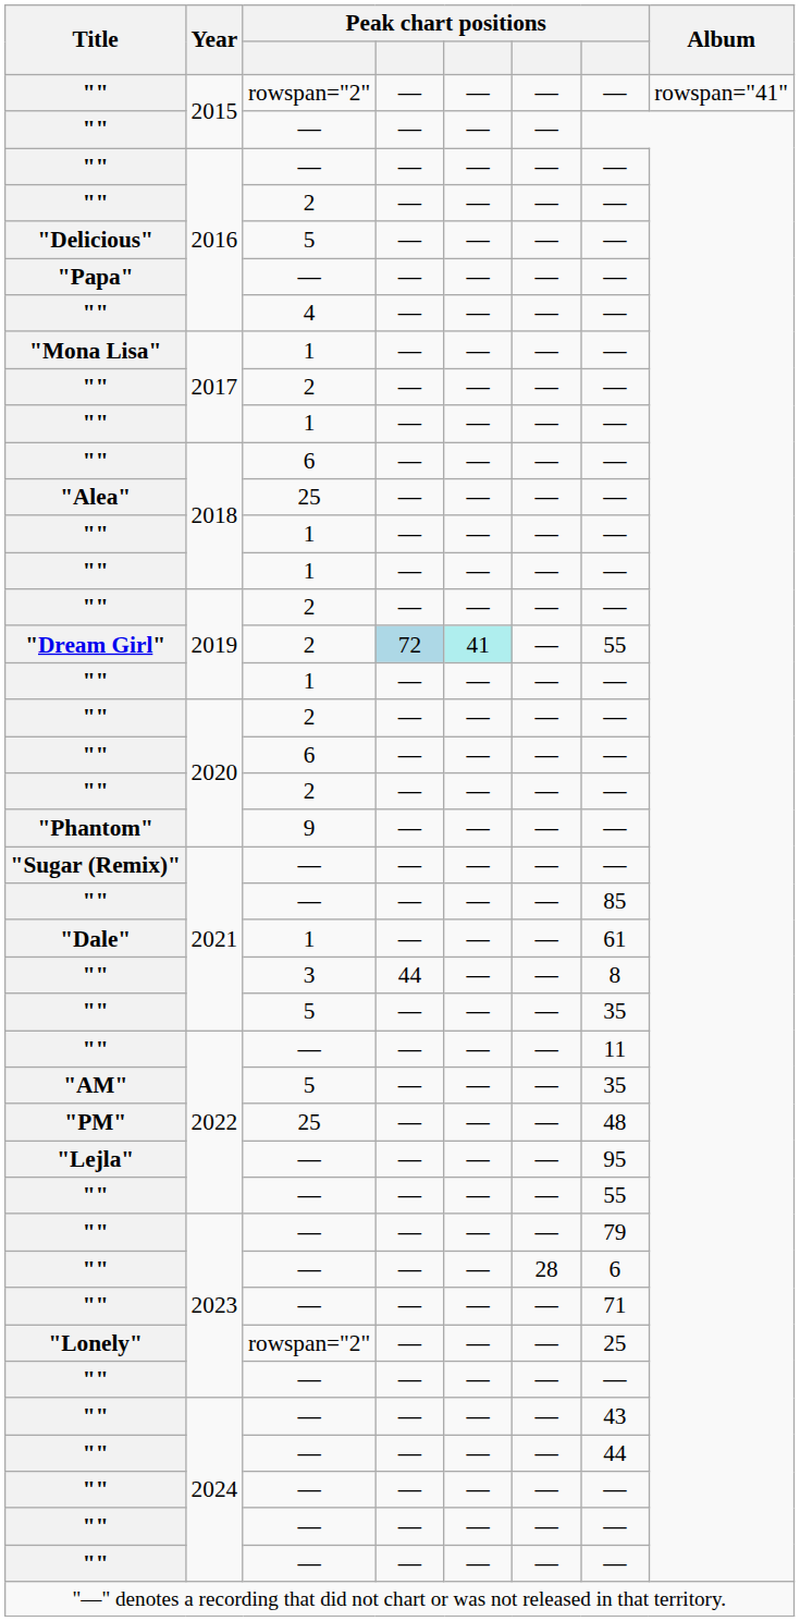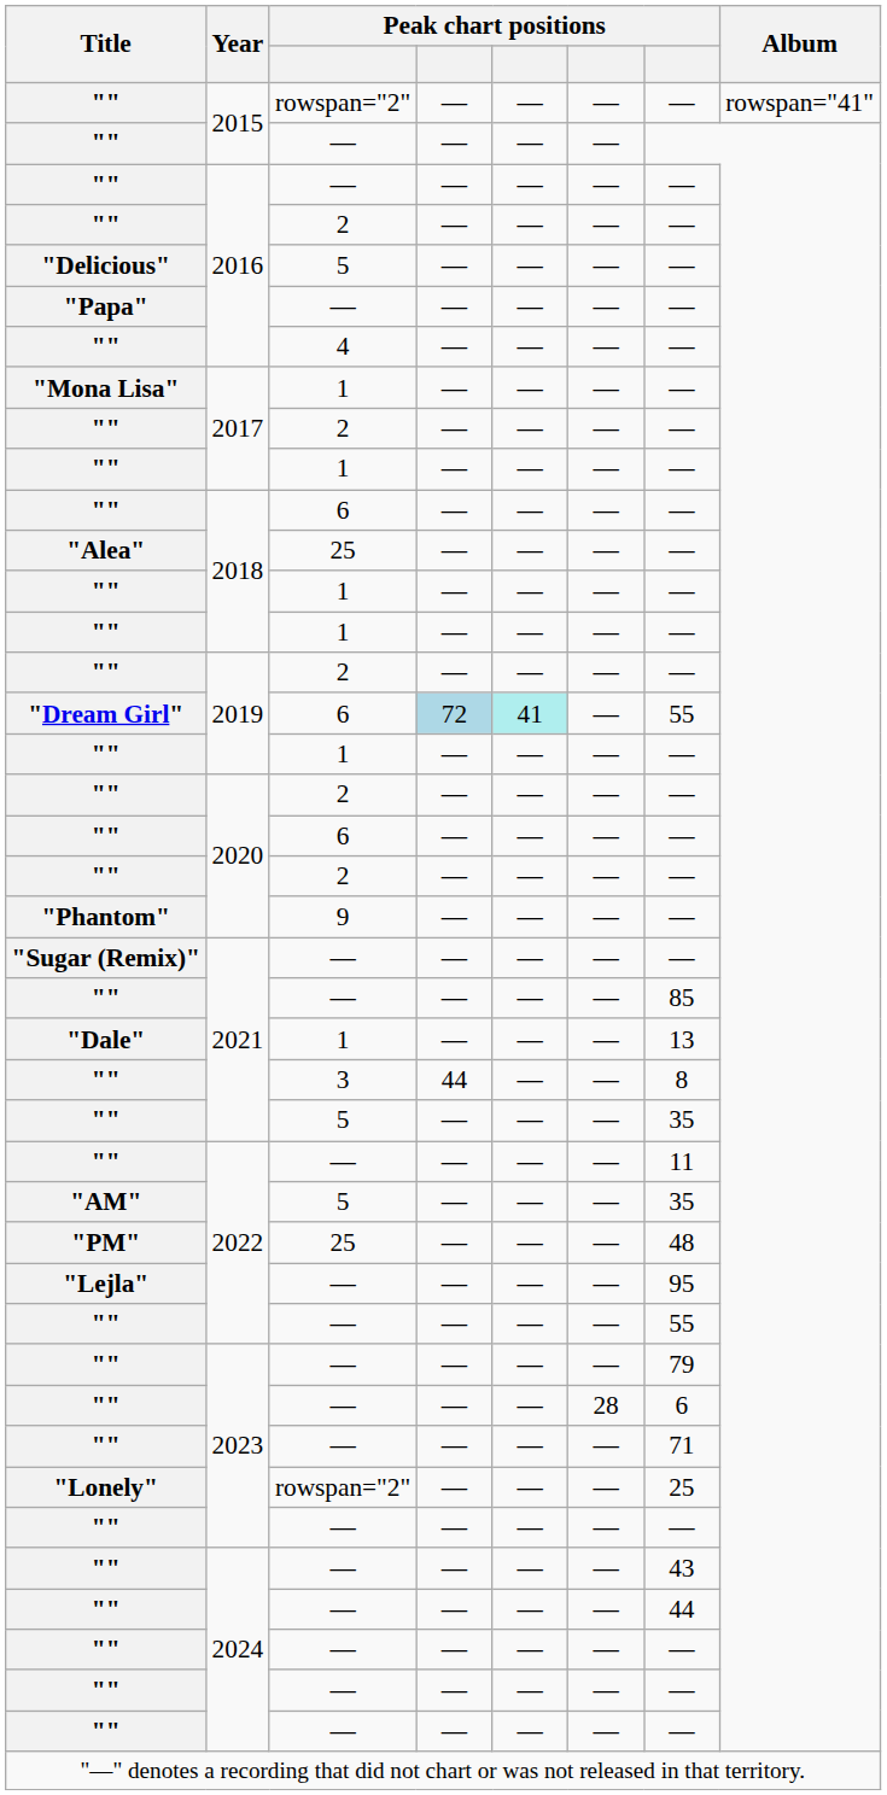 <table class="wikitable plainrowheaders" style="text-align:center;">
 <tr>
 <th scope="col" rowspan="2">Title</th>
 <th scope="col" rowspan="2">Year</th>
 <th scope="col" colspan="5">Peak chart positions</th>
 <th scope="col" rowspan="2">Album</th>
 </tr>
 <tr>
 <th style="width:3em; font-size:85%;"><a href='#'></a><br></th>
 <th style="width:3em; font-size:85%;"><a href='#'></a><br></th>
 <th style="width:3em; font-size:85%;"><a href='#'></a><br></th>
 <th style="width:3em; font-size:85%;"><a href='#'></a><br></th>
 <th style="width:3em; font-size:85%;"><a href='#'></a><br></th>
 </tr>
 <tr>
 <th scope="row">""<br></th>
 <td rowspan="2">2015</td>
 <td>rowspan="2" </td>
 <td>—</td>
 <td>—</td>
 <td>—</td>
 <td>—</td>
 <td>rowspan="41" </td>
 </tr>
 <tr>
 <th scope="row">""</th>
 <td>—</td>
 <td>—</td>
 <td>—</td>
 <td>—</td>
 </tr>
 <tr>
 <th scope="row">""</th>
 <td rowspan="5">2016</td>
 <td>—</td>
 <td>—</td>
 <td>—</td>
 <td>—</td>
 <td>—</td>
 </tr>
 <tr>
 <th scope="row">""</th>
 <td>2</td>
 <td>—</td>
 <td>—</td>
 <td>—</td>
 <td>—</td>
 </tr>
 <tr>
 <th scope="row">"Delicious"<br></th>
 <td>5</td>
 <td>—</td>
 <td>—</td>
 <td>—</td>
 <td>—</td>
 </tr>
 <tr>
 <th scope="row">"Papa"<br></th>
 <td>—</td>
 <td>—</td>
 <td>—</td>
 <td>—</td>
 <td>—</td>
 </tr>
 <tr>
 <th scope="row">""</th>
 <td>4</td>
 <td>—</td>
 <td>—</td>
 <td>—</td>
 <td>—</td>
 </tr>
 <tr>
 <th scope="row">"Mona Lisa"</th>
 <td rowspan="3">2017</td>
 <td>1</td>
 <td>—</td>
 <td>—</td>
 <td>—</td>
 <td>—</td>
 </tr>
 <tr>
 <th scope="row">""</th>
 <td>2</td>
 <td>—</td>
 <td>—</td>
 <td>—</td>
 <td>—</td>
 </tr>
 <tr>
 <th scope="row">""</th>
 <td>1</td>
 <td>—</td>
 <td>—</td>
 <td>—</td>
 <td>—</td>
 </tr>
 <tr>
 <th scope="row">""</th>
 <td rowspan="4">2018</td>
 <td>6</td>
 <td>—</td>
 <td>—</td>
 <td>—</td>
 <td>—</td>
 </tr>
 <tr>
 <th scope="row">"Alea"</th>
 <td>25</td>
 <td>—</td>
 <td>—</td>
 <td>—</td>
 <td>—</td>
 </tr>
 <tr>
 <th scope="row">""</th>
 <td>1</td>
 <td>—</td>
 <td>—</td>
 <td>—</td>
 <td>—</td>
 </tr>
 <tr>
 <th scope="row">""<br></th>
 <td>1</td>
 <td>—</td>
 <td>—</td>
 <td>—</td>
 <td>—</td>
 </tr>
 <tr>
 <th scope="row">""</th>
 <td rowspan="3">2019</td>
 <td>2</td>
 <td>—</td>
 <td>—</td>
 <td>—</td>
 <td>—</td>
 </tr>
 <tr>
 <th scope="row">"<a href='#'>Dream Girl</a>"<br></th>
-<td>2</td>
+<td>6</td>
 <td style="background: lightblue;">72</td>
 <td style="background: paleturquoise;">41</td>
 <td>—</td>
 <td>55</td>
 </tr>
 <tr>
 <th scope="row">""</th>
 <td>1</td>
 <td>—</td>
 <td>—</td>
 <td>—</td>
 <td>—</td>
 </tr>
 <tr>
 <th scope="row">""<br></th>
 <td rowspan="4">2020</td>
 <td>2</td>
 <td>—</td>
 <td>—</td>
 <td>—</td>
 <td>—</td>
 </tr>
 <tr>
 <th scope="row">""</th>
 <td>6</td>
 <td>—</td>
 <td>—</td>
 <td>—</td>
 <td>—</td>
 </tr>
 <tr>
 <th scope="row">""<br></th>
 <td>2</td>
 <td>—</td>
 <td>—</td>
 <td>—</td>
 <td>—</td>
 </tr>
 <tr>
 <th scope="row">"Phantom"</th>
 <td>9</td>
 <td>—</td>
 <td>—</td>
 <td>—</td>
 <td>—</td>
 </tr>
 <tr>
 <th scope="row">"Sugar (Remix)"<br></th>
 <td rowspan="5">2021</td>
 <td>—</td>
 <td>—</td>
 <td>—</td>
 <td>—</td>
 <td>—</td>
 </tr>
 <tr>
 <th scope="row">""</th>
 <td>—</td>
 <td>—</td>
 <td>—</td>
 <td>—</td>
 <td>85</td>
 </tr>
 <tr>
 <th scope="row">"Dale"<br></th>
 <td>1</td>
 <td>—</td>
 <td>—</td>
 <td>—</td>
-<td>61</td>
+<td>13</td>
 </tr>
 <tr>
 <th scope="row">""</th>
 <td>3</td>
 <td>44</td>
 <td>—</td>
 <td>—</td>
 <td>8</td>
 </tr>
 <tr>
 <th scope="row">""<br></th>
 <td>5</td>
 <td>—</td>
 <td>—</td>
 <td>—</td>
 <td>35</td>
 </tr>
 <tr>
 <th scope="row">""<br></th>
 <td rowspan="5">2022</td>
 <td>—</td>
 <td>—</td>
 <td>—</td>
 <td>—</td>
 <td>11</td>
 </tr>
 <tr>
 <th scope="row">"AM"<br></th>
 <td>5</td>
 <td>—</td>
 <td>—</td>
 <td>—</td>
 <td>35</td>
 </tr>
 <tr>
 <th scope="row">"PM"<br></th>
 <td>25</td>
 <td>—</td>
 <td>—</td>
 <td>—</td>
 <td>48</td>
 </tr>
 <tr>
 <th scope="row">"Lejla"</th>
 <td>—</td>
 <td>—</td>
 <td>—</td>
 <td>—</td>
 <td>95</td>
 </tr>
 <tr>
 <th scope="row">""</th>
 <td>—</td>
 <td>—</td>
 <td>—</td>
 <td>—</td>
 <td>55</td>
 </tr>
 <tr>
 <th scope="row">""</th>
 <td rowspan="5">2023</td>
 <td>—</td>
 <td>—</td>
 <td>—</td>
 <td>—</td>
 <td>79</td>
 </tr>
 <tr>
 <th scope="row">""</th>
 <td>—</td>
 <td>—</td>
 <td>—</td>
 <td>28</td>
 <td>6</td>
 </tr>
 <tr>
 <th scope="row">""</th>
 <td>—</td>
 <td>—</td>
 <td>—</td>
 <td>—</td>
 <td>71</td>
 </tr>
 <tr>
 <th scope="row">"Lonely"<br></th>
 <td>rowspan="2" </td>
 <td>—</td>
 <td>—</td>
 <td>—</td>
 <td>25</td>
 </tr>
 <tr>
 <th scope="row">""<br></th>
 <td>—</td>
 <td>—</td>
 <td>—</td>
 <td>—</td>
 <td>—</td>
 </tr>
 <tr>
 <th scope="row">""</th>
 <td rowspan="5">2024</td>
 <td>—</td>
 <td>—</td>
 <td>—</td>
 <td>—</td>
 <td>43</td>
 </tr>
 <tr>
 <th scope="row">""</th>
 <td>—</td>
 <td>—</td>
 <td>—</td>
 <td>—</td>
 <td>44</td>
 </tr>
 <tr>
 <th scope="row">""</th>
 <td>—</td>
 <td>—</td>
 <td>—</td>
 <td>—</td>
 <td>—</td>
 </tr>
 <tr>
 <th scope="row">""</th>
 <td>—</td>
 <td>—</td>
 <td>—</td>
 <td>—</td>
 <td>—</td>
 </tr>
 <tr>
 <th scope="row">""<br></th>
 <td>—</td>
 <td>—</td>
 <td>—</td>
 <td>—</td>
 <td>—</td>
 </tr>
 <tr>
 <td colspan="8" style="font-size:90%">"—" denotes a recording that did not chart or was not released in that territory.</td>
 </tr>
 </table>
